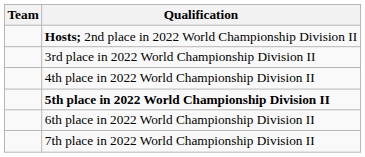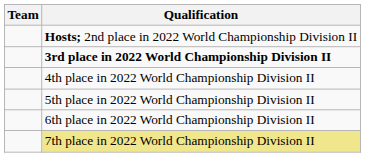 <table class="wikitable">
 <tr>
 <th>Team</th>
 <th>Qualification</th>
 </tr>
 <tr>
 <td></td>
 <td><strong>Hosts;</strong> 2nd place in 2022 World Championship Division II</td>
 </tr>
 <tr>
 <td></td>
-<td>3rd place in 2022 World Championship Division II</td>
+<td><strong>3rd place in 2022 World Championship Division II</strong></td>
 </tr>
 <tr>
 <td></td>
 <td>4th place in 2022 World Championship Division II</td>
 </tr>
 <tr>
 <td></td>
-<td><strong>5th place in 2022 World Championship Division II</strong></td>
+<td>5th place in 2022 World Championship Division II</td>
 </tr>
 <tr>
 <td></td>
 <td>6th place in 2022 World Championship Division II</td>
 </tr>
 <tr>
 <td></td>
-<td>7th place in 2022 World Championship Division II</td>
+<td style="background: khaki;">7th place in 2022 World Championship Division II</td>
 </tr>
 </table>
